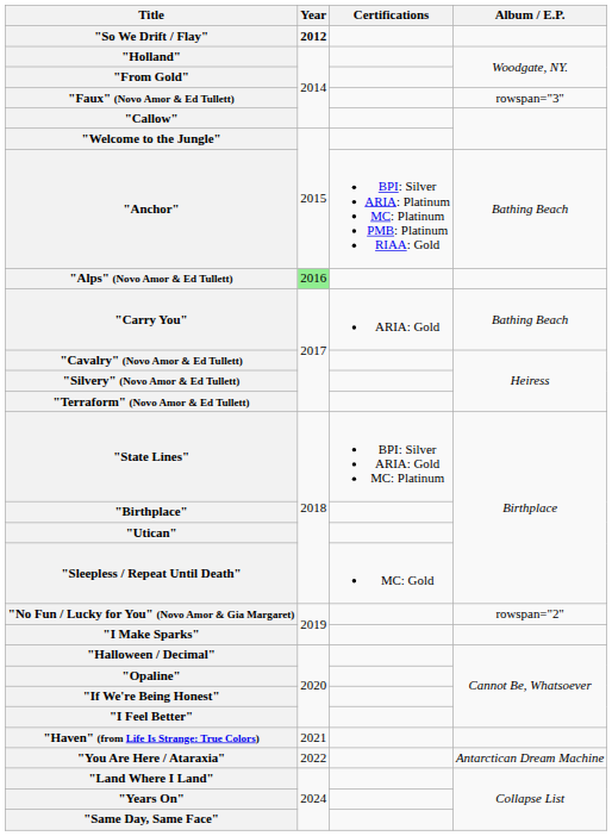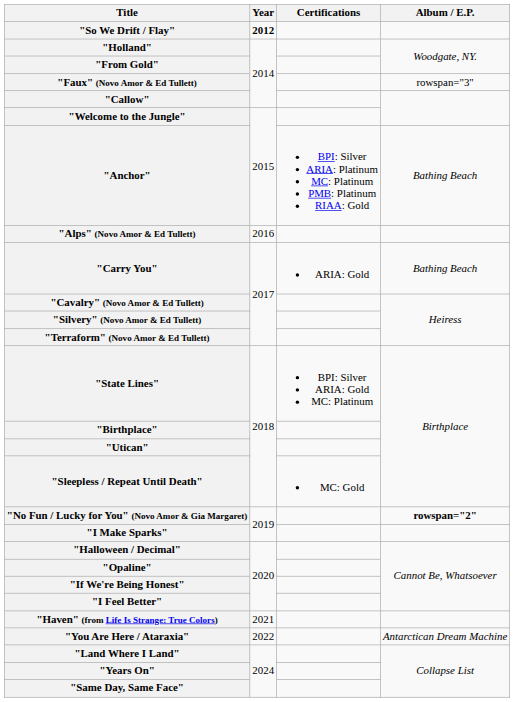 <table class="wikitable plainrowheaders" style="text-align:center;">
 <tr>
 <th rowspan="1" scope="col">Title</th>
 <th rowspan="1" scope="col">Year</th>
 <th rowspan="1" scope="col">Certifications</th>
 <th rowspan="1" scope="col">Album / E.P.</th>
 </tr>
 <tr>
 <th scope="row">"So We Drift / Flay"</th>
 <td><strong>2012</strong></td>
 <td></td>
 <td></td>
 </tr>
 <tr>
 <th scope="row">"Holland"</th>
 <td rowspan="4">2014</td>
 <td></td>
 <td rowspan="2"><em>Woodgate, NY.</em></td>
 </tr>
 <tr>
 <th scope="row">"From Gold"</th>
 <td></td>
 </tr>
 <tr>
 <th scope="row">"Faux" <small>(Novo Amor & Ed Tullett)</small></th>
 <td></td>
 <td>rowspan="3" </td>
 </tr>
 <tr>
 <th scope="row">"Callow"</th>
 <td></td>
 </tr>
 <tr>
 <th scope="row">"Welcome to the Jungle"</th>
 <td rowspan="2">2015</td>
 <td></td>
 </tr>
 <tr>
 <th scope="row">"Anchor"</th>
 <td><br><ul><li><a href='#'>BPI</a>: Silver</li><li><a href='#'>ARIA</a>: Platinum</li><li><a href='#'>MC</a>: Platinum</li><li><a href='#'>PMB</a>: Platinum</li><li><a href='#'>RIAA</a>: Gold</li></ul></td>
 <td><em>Bathing Beach</em></td>
 </tr>
 <tr>
 <th scope="row">"Alps" <small>(Novo Amor & Ed Tullett)</small></th>
-<td style="background: lightgreen;">2016</td>
+<td>2016</td>
 <td></td>
 <td></td>
 </tr>
 <tr>
 <th scope="row">"Carry You"</th>
 <td rowspan="4">2017</td>
 <td><br><ul><li>ARIA: Gold</li></ul></td>
 <td><em>Bathing Beach</em></td>
 </tr>
 <tr>
 <th scope="row">"Cavalry" <small>(Novo Amor & Ed Tullett)</small></th>
 <td></td>
 <td rowspan="3"><em>Heiress</em></td>
 </tr>
 <tr>
 <th scope="row">"Silvery" <small>(Novo Amor & Ed Tullett)</small></th>
 <td></td>
 </tr>
 <tr>
 <th scope="row">"Terraform" <small>(Novo Amor & Ed Tullett)</small></th>
 <td></td>
 </tr>
 <tr>
 <th scope="row">"State Lines"</th>
 <td rowspan="4">2018</td>
 <td><br><ul><li>BPI: Silver</li><li>ARIA: Gold</li><li>MC: Platinum</li></ul></td>
 <td rowspan="4"><em>Birthplace</em></td>
 </tr>
 <tr>
 <th scope="row">"Birthplace"</th>
 <td></td>
 </tr>
 <tr>
 <th scope="row">"Utican"</th>
 <td></td>
 </tr>
 <tr>
 <th scope="row">"Sleepless / Repeat Until Death"</th>
 <td><br><ul><li>MC: Gold</li></ul></td>
 </tr>
 <tr>
 <th scope="row">"No Fun / Lucky for You" <small>(Novo Amor & Gia Margaret)</small></th>
 <td rowspan="2">2019</td>
 <td></td>
-<td>rowspan="2" </td>
+<td><strong>rowspan="2" </strong></td>
 </tr>
 <tr>
 <th scope="row">"I Make Sparks"</th>
 <td></td>
 </tr>
 <tr>
 <th scope="row">"Halloween / Decimal"</th>
 <td rowspan="4">2020</td>
 <td></td>
 <td rowspan="4"><em>Cannot Be, Whatsoever</em></td>
 </tr>
 <tr>
 <th scope="row">"Opaline"</th>
 <td></td>
 </tr>
 <tr>
 <th scope="row">"If We're Being Honest"</th>
 <td></td>
 </tr>
 <tr>
 <th scope="row">"I Feel Better"</th>
 <td></td>
 </tr>
 <tr>
 <th scope="row">"Haven" <small>(from <a href='#'>Life Is Strange: True Colors</a>)</small></th>
 <td rowspan="1">2021</td>
 <td></td>
 <td></td>
 </tr>
 <tr>
 <th scope = "row">"You Are Here / Ataraxia"</th>
 <td rowspan = "1">2022</td>
 <td></td>
 <td><em>Antarctican Dream Machine</em></td>
 </tr>
 <tr>
 <th scope="row">"Land Where I Land"</th>
 <td rowspan = "3">2024</td>
 <td></td>
 <td rowspan = "3"><em>Collapse List</em></td>
 </tr>
 <tr>
 <th scope = "row">"Years On"</th>
 <td></td>
 </tr>
 <tr>
 <th scope = "row">"Same Day, Same Face"</th>
 <td></td>
 </tr>
 </table>
